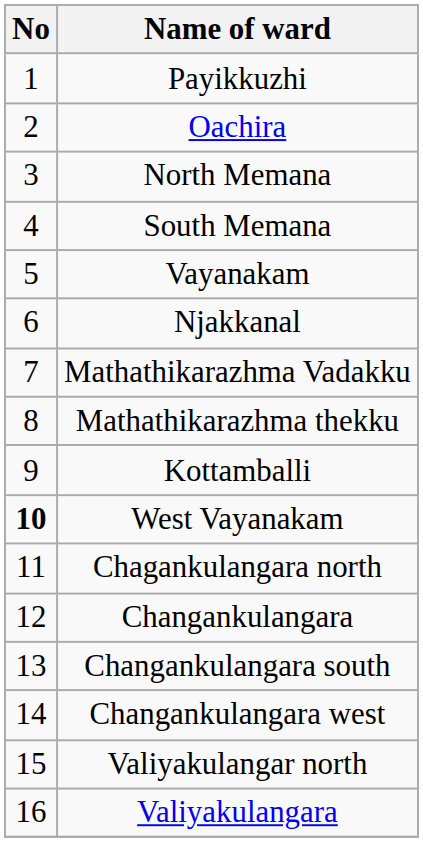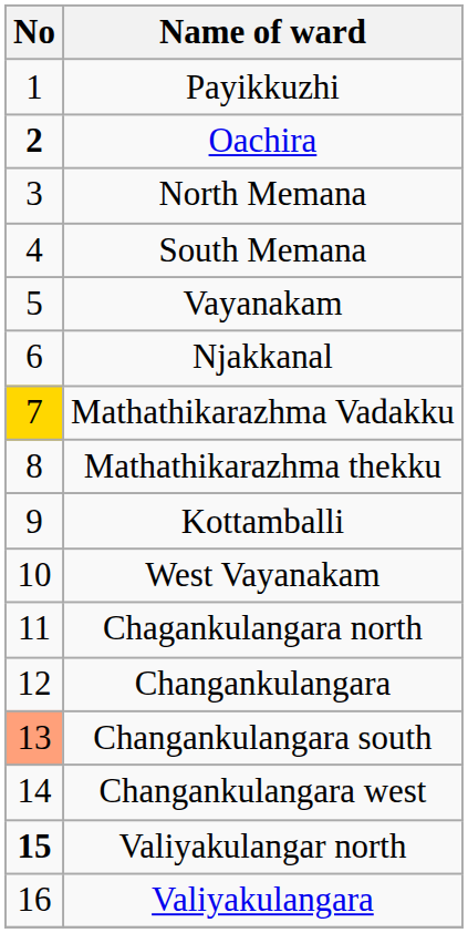 <table class="wikitable" style="text-align:center; border;1px">
 <tr>
 <th>No</th>
 <th>Name of ward</th>
 </tr>
 <tr>
 <td>1</td>
 <td>Payikkuzhi</td>
 </tr>
 <tr>
-<td>2</td>
+<td><strong>2</strong></td>
 <td><a href='#'>Oachira</a></td>
 </tr>
 <tr>
 <td>3</td>
 <td>North Memana</td>
 </tr>
 <tr>
 <td>4</td>
 <td>South Memana</td>
 </tr>
 <tr>
 <td>5</td>
 <td>Vayanakam</td>
 </tr>
 <tr>
 <td>6</td>
 <td>Njakkanal</td>
 </tr>
 <tr>
-<td>7</td>
+<td style="background: gold;">7</td>
 <td>Mathathikarazhma Vadakku</td>
 </tr>
 <tr>
 <td>8</td>
 <td>Mathathikarazhma thekku</td>
 </tr>
 <tr>
 <td>9</td>
 <td>Kottamballi</td>
 </tr>
 <tr>
-<td><strong>10</strong></td>
+<td>10</td>
 <td>West Vayanakam</td>
 </tr>
 <tr>
 <td>11</td>
 <td>Chagankulangara north</td>
 </tr>
 <tr>
 <td>12</td>
 <td>Changankulangara</td>
 </tr>
 <tr>
-<td>13</td>
+<td style="background: lightsalmon;">13</td>
 <td>Changankulangara south</td>
 </tr>
 <tr>
 <td>14</td>
 <td>Changankulangara west</td>
 </tr>
 <tr>
-<td>15</td>
+<td><strong>15</strong></td>
 <td>Valiyakulangar north</td>
 </tr>
 <tr>
 <td>16</td>
 <td><a href='#'>Valiyakulangara</a></td>
 </tr>
 <tr>
 </tr>
 </table>
